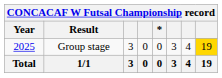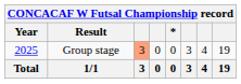 <table class="wikitable" style="text-align: center;">
 <tr>
 <th colspan="8"><a href='#'>CONCACAF W Futsal Championship</a> record</th>
 </tr>
 <tr>
 <th>Year</th>
 <th>Result</th>
 <th></th>
 <th></th>
 <th>*</th>
 <th></th>
 <th></th>
 <th></th>
 </tr>
 <tr>
 <td> <a href='#'>2025</a></td>
 <td>Group stage</td>
-<td>3</td>
+<td style="background: lightsalmon;">3</td>
 <td>0</td>
 <td>0</td>
 <td>3</td>
 <td>4</td>
-<td style="background: gold;">19</td>
+<td>19</td>
 </tr>
 <tr>
 <th>Total</th>
 <th>1/1</th>
 <th>3</th>
 <th>0</th>
 <th>0</th>
 <th>3</th>
 <th>4</th>
 <th>19</th>
 </tr>
 </table>
